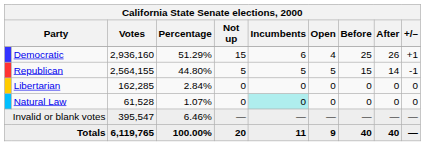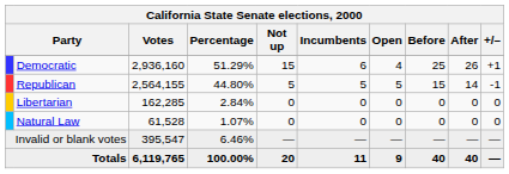 <table class="wikitable" style="font-size:95%;">
 <tr>
 <th colspan="10">California State Senate elections, 2000</th>
 </tr>
 <tr>
 <th colspan=2 style="width: 10em">Party</th>
 <th style="width: 4em">Votes</th>
 <th style="width: 5em">Percentage</th>
 <th style="width: 3em">Not up</th>
 <th style="width: 5em">Incumbents</th>
 <th style="width: 2em">Open</th>
 <th style="width: 3em">Before</th>
 <th style="width: 2em">After</th>
 <th style="width: 1em">+/–</th>
 </tr>
 <tr>
 </tr>
 <tr>
 <th style="background-color:#3333FF; width: 3px"></th>
 <td style="width: 130px"><a href='#'>Democratic</a></td>
 <td align="right">2,936,160</td>
 <td align="right">51.29%</td>
 <td align="right">15</td>
 <td align="right">6</td>
 <td align="right">4</td>
 <td align="right">25</td>
 <td align="right">26</td>
 <td align="right">+1</td>
 </tr>
 <tr>
 <th style="background-color:#FF3333; width: 3px"></th>
 <td style="width: 130px"><a href='#'>Republican</a></td>
 <td align="right">2,564,155</td>
 <td align="right">44.80%</td>
 <td align="right">5</td>
 <td align="right">5</td>
 <td align="right">5</td>
 <td align="right">15</td>
 <td align="right">14</td>
 <td align="right">-1</td>
 </tr>
 <tr>
 <th style="background-color:#FFCC00; width: 3px"></th>
 <td style="width: 130px"><a href='#'>Libertarian</a></td>
 <td align="right">162,285</td>
 <td align="right">2.84%</td>
 <td align="right">0</td>
 <td align="right">0</td>
 <td align="right">0</td>
 <td align="right">0</td>
 <td align="right">0</td>
 <td align="right">0</td>
 </tr>
 <tr>
 <th style="background-color:#00BFFF; width: 3px"></th>
 <td style="width: 130px"><a href='#'>Natural Law</a></td>
 <td align="right">61,528</td>
 <td align="right">1.07%</td>
 <td align="right">0</td>
-<td align="right" style="background: paleturquoise;">0</td>
+<td align="right">0</td>
 <td align="right">0</td>
 <td align="right">0</td>
 <td align="right">0</td>
 <td align="right">0</td>
 </tr>
 <tr bgcolor="#EEEEEE">
 <td colspan="2" align="right">Invalid or blank votes</td>
 <td align="right">395,547</td>
 <td align="right">6.46%</td>
 <td align="right">—</td>
 <td align="right">—</td>
 <td align="right">—</td>
 <td align="right">—</td>
 <td align="right">—</td>
 <td align="right">—</td>
 </tr>
 <tr bgcolor="#EEEEEE">
 <td colspan="2" align="right"><strong>Totals</strong></td>
 <td align="right"><strong>6,119,765</strong></td>
 <td align="right"><strong>100.00%</strong></td>
 <td align="right"><strong>20</strong></td>
 <td align="right"><strong>11</strong></td>
 <td align="right"><strong>9</strong></td>
 <td align="right"><strong>40</strong></td>
 <td align="right"><strong>40</strong></td>
 <td align="right"><strong>—</strong></td>
 </tr>
 </table>
